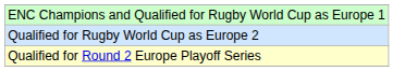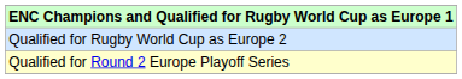 <table class="wikitable">
 <tr>
 </tr>
 <tr width=10px bgcolor="#ccffcc">
-<td>ENC Champions and Qualified for Rugby World Cup as Europe 1</td>
+<td><strong>ENC Champions and Qualified for Rugby World Cup as Europe 1</strong></td>
 </tr>
 <tr width=10px bgcolor="#D0E6FF">
 <td>Qualified for Rugby World Cup as Europe 2</td>
 </tr>
 <tr width=10px bgcolor="#ffffcc">
 <td>Qualified for <a href='#'>Round 2</a> Europe Playoff Series</td>
 </tr>
 <tr>
 </tr>
 </table>
